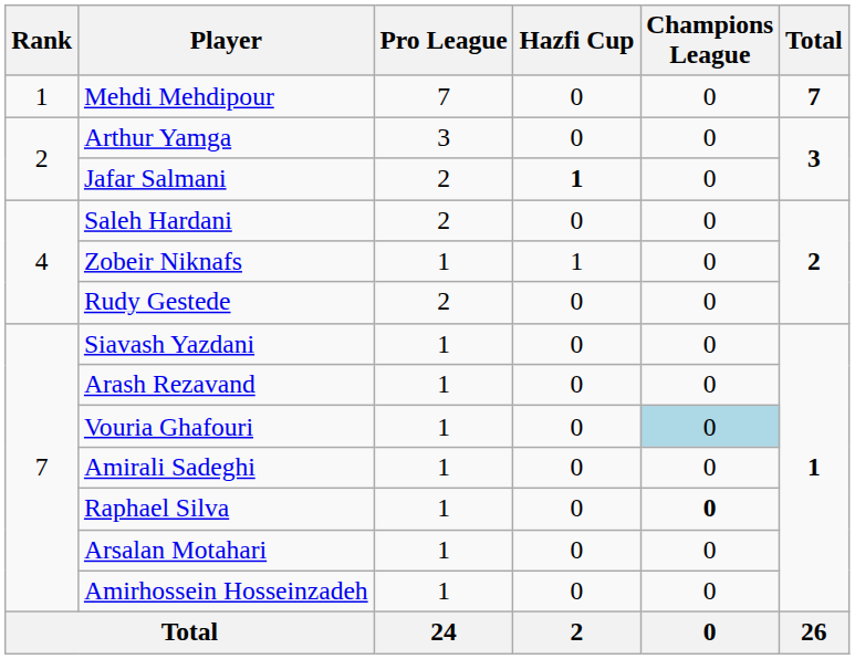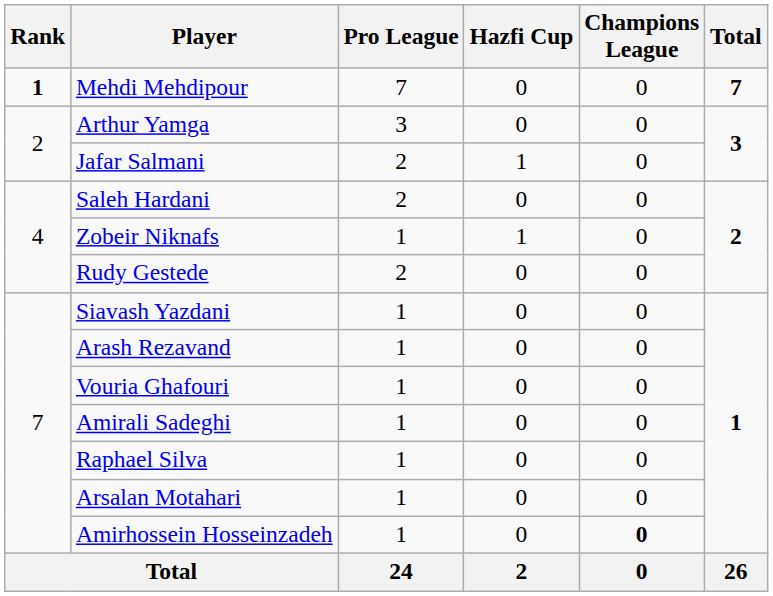 <table class="wikitable" style="text-align: center;">
 <tr>
 <th>Rank</th>
 <th>Player</th>
 <th>Pro League</th>
 <th>Hazfi Cup</th>
 <th>Champions<br>League</th>
 <th>Total</th>
 </tr>
 <tr>
-<td rowspan=1>1</td>
+<td rowspan=1><strong>1</strong></td>
 <td align=left> <a href='#'>Mehdi Mehdipour</a></td>
 <td>7</td>
 <td>0</td>
 <td>0</td>
 <td rowspan=1><strong>7</strong></td>
 </tr>
 <tr>
 <td rowspan=2>2</td>
 <td align=left> <a href='#'>Arthur Yamga</a></td>
 <td>3</td>
 <td>0</td>
 <td>0</td>
 <td rowspan=2><strong>3</strong></td>
 </tr>
 <tr>
 <td align=left> <a href='#'>Jafar Salmani</a></td>
 <td>2</td>
-<td><strong>1</strong></td>
+<td>1</td>
 <td>0</td>
 </tr>
 <tr>
 <td rowspan=3>4</td>
 <td align=left> <a href='#'>Saleh Hardani</a></td>
 <td>2</td>
 <td>0</td>
 <td>0</td>
 <td rowspan=3><strong>2</strong></td>
 </tr>
 <tr>
 <td align=left> <a href='#'>Zobeir Niknafs</a></td>
 <td>1</td>
 <td>1</td>
 <td>0</td>
 </tr>
 <tr>
 <td align=left> <a href='#'>Rudy Gestede</a></td>
 <td>2</td>
 <td>0</td>
 <td>0</td>
 </tr>
 <tr>
 <td rowspan=7>7</td>
 <td align=left> <a href='#'>Siavash Yazdani</a></td>
 <td>1</td>
 <td>0</td>
 <td>0</td>
 <td rowspan=7><strong>1</strong></td>
 </tr>
 <tr>
 <td align=left> <a href='#'>Arash Rezavand</a></td>
 <td>1</td>
 <td>0</td>
 <td>0</td>
 </tr>
 <tr>
 <td align=left> <a href='#'>Vouria Ghafouri</a></td>
 <td>1</td>
 <td>0</td>
-<td style="background: lightblue;">0</td>
+<td>0</td>
 </tr>
 <tr>
 <td align=left> <a href='#'>Amirali Sadeghi</a></td>
 <td>1</td>
 <td>0</td>
 <td>0</td>
 </tr>
 <tr>
 <td align=left> <a href='#'>Raphael Silva</a></td>
 <td>1</td>
 <td>0</td>
-<td><strong>0</strong></td>
+<td>0</td>
 </tr>
 <tr>
 <td align=left> <a href='#'>Arsalan Motahari</a></td>
 <td>1</td>
 <td>0</td>
 <td>0</td>
 </tr>
 <tr>
 <td align=left> <a href='#'>Amirhossein Hosseinzadeh</a></td>
 <td>1</td>
 <td>0</td>
-<td>0</td>
+<td><strong>0</strong></td>
 </tr>
 <tr>
 <th colspan=2>Total</th>
 <th>24</th>
 <th>2</th>
 <th>0</th>
 <th>26</th>
 </tr>
 </table>
